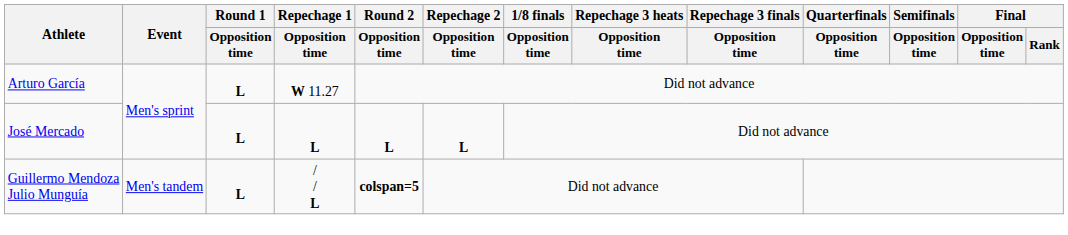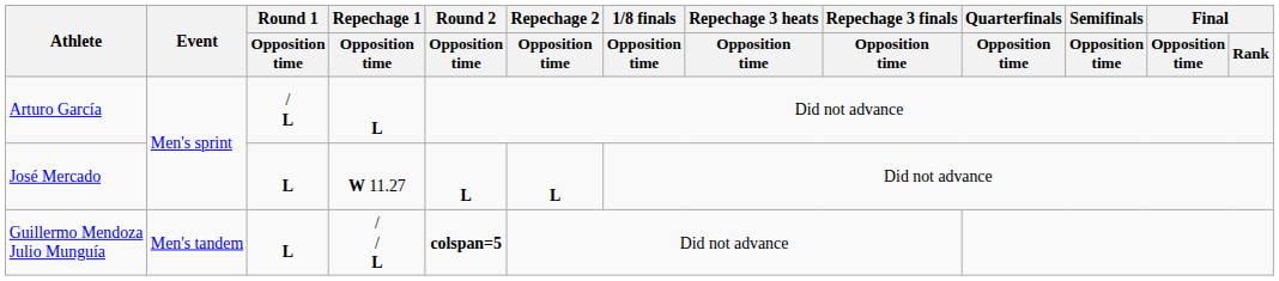 <table class=wikitable style=font-size:90%>
 <tr>
 <th rowspan=2>Athlete</th>
 <th rowspan=2>Event</th>
 <th>Round 1</th>
 <th>Repechage 1</th>
 <th>Round 2</th>
 <th>Repechage 2</th>
 <th>1/8 finals</th>
 <th>Repechage 3 heats</th>
 <th>Repechage 3 finals</th>
 <th>Quarterfinals</th>
 <th>Semifinals</th>
 <th colspan=2>Final</th>
 </tr>
 <tr style=font-size:95%>
 <th>Opposition<br>time</th>
 <th>Opposition<br>time</th>
 <th>Opposition<br>time</th>
 <th>Opposition<br>time</th>
 <th>Opposition<br>time</th>
 <th>Opposition<br>time</th>
 <th>Opposition<br>time</th>
 <th>Opposition<br>time</th>
 <th>Opposition<br>time</th>
 <th>Opposition<br>time</th>
 <th>Rank</th>
 </tr>
 <tr align=center>
 <td align=left><a href='#'>Arturo García</a></td>
 <td align=left rowspan=2><a href='#'>Men's sprint</a></td>
-<td><br><strong>L</strong></td>
-<td><br><strong>W</strong> 11.27</td>
+<td> / <br><strong>L</strong></td>
+<td><br><br><strong>L</strong></td>
 <td colspan=9>Did not advance</td>
 </tr>
 <tr align=center>
 <td align=left><a href='#'>José Mercado</a></td>
 <td><br><strong>L</strong></td>
-<td><br><br><strong>L</strong></td>
+<td><br><strong>W</strong> 11.27</td>
 <td><br><br><strong>L</strong></td>
 <td><br><br><strong>L</strong></td>
 <td colspan=7>Did not advance</td>
 </tr>
 <tr align=center>
 <td align=left><a href='#'>Guillermo Mendoza</a><br><a href='#'>Julio Munguía</a></td>
 <td align=left><a href='#'>Men's tandem</a></td>
 <td><br><strong>L</strong></td>
 <td> / <br> / <br><strong>L</strong></td>
 <td><strong>colspan=5 </strong></td>
 <td colspan=4>Did not advance</td>
 </tr>
 </table>
